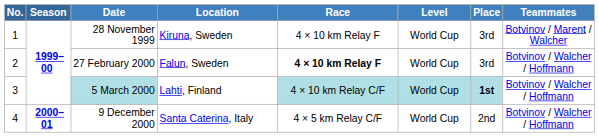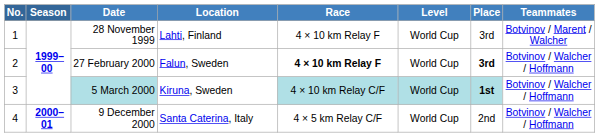 <table class="wikitable sortable" style="font-size:95%; text-align:center; border:grey solid 1px; border-collapse:collapse; background:#ffffff;">
 <tr style="background:#efefef;">
 <th style="background-color:#369; color:white;">No.</th>
 <th style="background-color:#369; color:white;">Season</th>
 <th style="background-color:#4180be; color:white; width:120px;">Date</th>
 <th style="background-color:#4180be; color:white; width:170px;">Location</th>
 <th style="background-color:#4180be; color:white; width:170px;">Race</th>
 <th style="background-color:#4180be; color:white; width:100px;">Level</th>
 <th style="background-color:#4180be; color:white;">Place</th>
 <th style="background-color:#4180be; color:white;">Teammates</th>
 </tr>
 <tr>
 <td align=center>1</td>
 <td rowspan=3 align=center><strong> <a href='#'>1999–00</a> </strong></td>
 <td align=right>28 November 1999</td>
-<td align=left> <a href='#'>Kiruna</a>, Sweden</td>
+<td align=left> <a href='#'>Lahti</a>, Finland</td>
 <td>4 × 10 km Relay F</td>
 <td>World Cup</td>
 <td>3rd</td>
 <td><a href='#'>Botvinov</a> / <a href='#'>Marent</a> / <a href='#'>Walcher</a></td>
 </tr>
 <tr>
 <td align=center>2</td>
 <td align=right>27 February 2000</td>
 <td align=left> <a href='#'>Falun</a>, Sweden</td>
 <td><strong>4 × 10 km Relay F</strong></td>
 <td>World Cup</td>
-<td>3rd</td>
+<td><strong>3rd</strong></td>
 <td><a href='#'>Botvinov</a> / <a href='#'>Walcher</a> / <a href='#'>Hoffmann</a></td>
 </tr>
 <tr>
 <td align=center>3</td>
 <td bgcolor="#BOEOE6" align=right>5 March 2000</td>
-<td align=left> <a href='#'>Lahti</a>, Finland</td>
+<td align=left> <a href='#'>Kiruna</a>, Sweden</td>
 <td bgcolor="#BOEOE6">4 × 10 km Relay C/F</td>
 <td bgcolor="#BOEOE6">World Cup</td>
 <td bgcolor="#BOEOE6"><strong>1st</strong></td>
 <td><a href='#'>Botvinov</a> / <a href='#'>Walcher</a> / <a href='#'>Hoffmann</a></td>
 </tr>
 <tr>
 <td align=center>4</td>
 <td rowspan=1 align=center><strong> <a href='#'>2000–01</a> </strong></td>
 <td align=right>9 December 2000</td>
 <td align=left> <a href='#'>Santa Caterina</a>, Italy</td>
 <td>4 × 5 km Relay C/F</td>
 <td>World Cup</td>
 <td>2nd</td>
 <td><a href='#'>Botvinov</a> / <a href='#'>Walcher</a> / <a href='#'>Hoffmann</a></td>
 </tr>
 </table>
